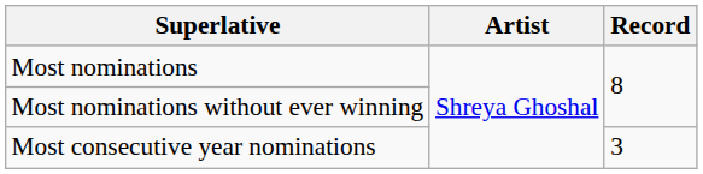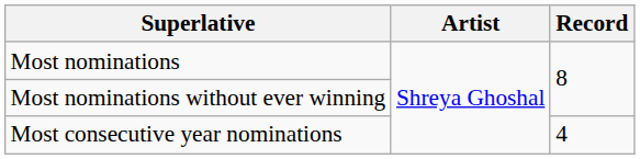 <table class="wikitable">
 <tr>
 <th>Superlative</th>
 <th>Artist</th>
 <th>Record</th>
 </tr>
 <tr>
 <td>Most nominations</td>
 <td rowspan="3"><a href='#'>Shreya Ghoshal</a></td>
 <td rowspan="2">8</td>
 </tr>
 <tr>
 <td>Most nominations without ever winning</td>
 </tr>
 <tr>
 <td>Most consecutive year nominations</td>
-<td>3</td>
+<td>4</td>
 </tr>
 </table>
